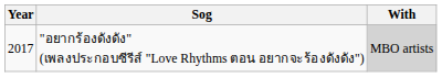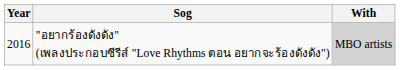 <table class="wikitable">
 <tr>
 <th>Year</th>
 <th>Sog</th>
 <th>With</th>
 </tr>
 <tr>
-<td rowspan="1">2017</td>
+<td rowspan="1">2016</td>
 <td>"อยากร้องดังดัง"<br>(เพลงประกอบซีรีส์ "Love Rhythms ตอน อยากจะร้องดังดัง")</td>
 <td style="background: lightgrey;">MBO artists</td>
 </tr>
 </table>
